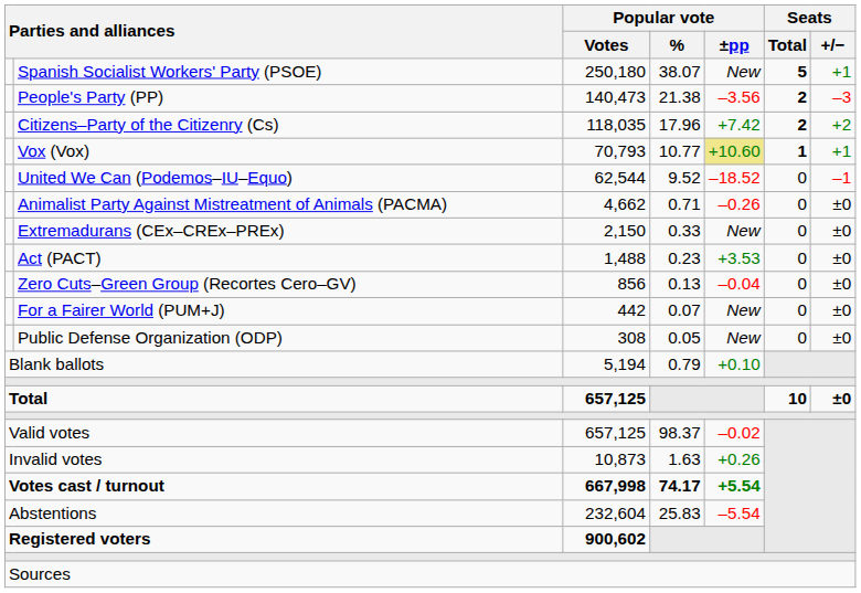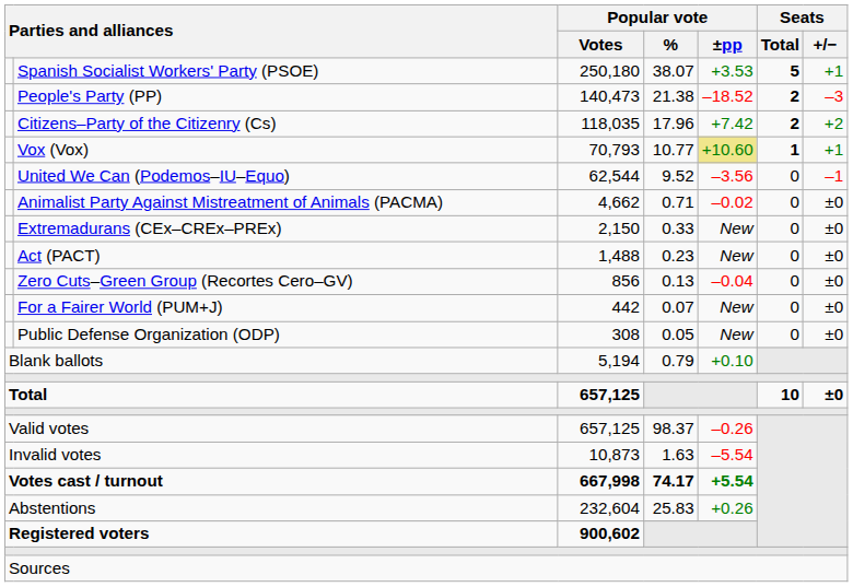 <table class="wikitable" style="text-align:right;">
 <tr>
 <th style="text-align:left;" rowspan="2" colspan="2" width="525">Parties and alliances</th>
 <th colspan="3">Popular vote</th>
 <th colspan="2">Seats</th>
 </tr>
 <tr>
 <th width="75">Votes</th>
 <th width="45">%</th>
 <th width="45">±<a href='#'>pp</a></th>
 <th width="35">Total</th>
 <th width="35">+/−</th>
 </tr>
 <tr>
 <td width="1" style="color:inherit;background:"></td>
 <td align="left"><a href='#'>Spanish Socialist Workers' Party</a> (PSOE)</td>
 <td>250,180</td>
 <td>38.07</td>
-<td><em>New</em></td>
+<td style="color:green;">+3.53</td>
 <td><strong>5</strong></td>
 <td style="color:green;">+1</td>
 </tr>
 <tr>
 <td style="color:inherit;background:"></td>
 <td align="left"><a href='#'>People's Party</a> (PP)</td>
 <td>140,473</td>
 <td>21.38</td>
-<td style="color:red;">–3.56</td>
+<td style="color:red;">–18.52</td>
 <td><strong>2</strong></td>
 <td style="color:red;">–3</td>
 </tr>
 <tr>
 <td style="color:inherit;background:"></td>
 <td align="left"><a href='#'>Citizens–Party of the Citizenry</a> (Cs)</td>
 <td>118,035</td>
 <td>17.96</td>
 <td style="color:green;">+7.42</td>
 <td><strong>2</strong></td>
 <td style="color:green;">+2</td>
 </tr>
 <tr>
 <td style="color:inherit;background:"></td>
 <td align="left"><a href='#'>Vox</a> (Vox)</td>
 <td>70,793</td>
 <td>10.77</td>
 <td style="background: khaki; color:green;">+10.60</td>
 <td><strong>1</strong></td>
 <td style="color:green;">+1</td>
 </tr>
 <tr>
 <td style="color:inherit;background:"></td>
 <td align="left"><a href='#'>United We Can</a> (<a href='#'>Podemos</a>–<a href='#'>IU</a>–<a href='#'>Equo</a>)</td>
 <td>62,544</td>
 <td>9.52</td>
-<td style="color:red;">–18.52</td>
+<td style="color:red;">–3.56</td>
 <td>0</td>
 <td style="color:red;">–1</td>
 </tr>
 <tr>
 <td style="color:inherit;background:"></td>
 <td align="left"><a href='#'>Animalist Party Against Mistreatment of Animals</a> (PACMA)</td>
 <td>4,662</td>
 <td>0.71</td>
-<td style="color:red;">–0.26</td>
+<td style="color:red;">–0.02</td>
 <td>0</td>
 <td>±0</td>
 </tr>
 <tr>
 <td style="color:inherit;background:"></td>
 <td align="left"><a href='#'>Extremadurans</a> (CEx–CREx–PREx)</td>
 <td>2,150</td>
 <td>0.33</td>
 <td><em>New</em></td>
 <td>0</td>
 <td>±0</td>
 </tr>
 <tr>
 <td style="color:inherit;background:"></td>
 <td align="left"><a href='#'>Act</a> (PACT)</td>
 <td>1,488</td>
 <td>0.23</td>
-<td style="color:green;">+3.53</td>
+<td><em>New</em></td>
 <td>0</td>
 <td>±0</td>
 </tr>
 <tr>
 <td style="color:inherit;background:"></td>
 <td align="left"><a href='#'>Zero Cuts</a>–<a href='#'>Green Group</a> (Recortes Cero–GV)</td>
 <td>856</td>
 <td>0.13</td>
 <td style="color:red;">–0.04</td>
 <td>0</td>
 <td>±0</td>
 </tr>
 <tr>
 <td style="color:inherit;background:"></td>
 <td align="left"><a href='#'>For a Fairer World</a> (PUM+J)</td>
 <td>442</td>
 <td>0.07</td>
 <td><em>New</em></td>
 <td>0</td>
 <td>±0</td>
 </tr>
 <tr>
 <td style="color:inherit;background:"></td>
 <td align="left">Public Defense Organization (ODP)</td>
 <td>308</td>
 <td>0.05</td>
 <td><em>New</em></td>
 <td>0</td>
 <td>±0</td>
 </tr>
 <tr>
 <td align="left" colspan="2">Blank ballots</td>
 <td>5,194</td>
 <td>0.79</td>
 <td style="color:green;">+0.10</td>
 <td bgcolor="#E9E9E9" colspan="2"></td>
 </tr>
 <tr>
 <td colspan="7" bgcolor="#E9E9E9"></td>
 </tr>
 <tr style="font-weight:bold;">
 <td align="left" colspan="2">Total</td>
 <td>657,125</td>
 <td bgcolor="#E9E9E9" colspan="2"></td>
 <td>10</td>
 <td>±0</td>
 </tr>
 <tr>
 <td colspan="7" bgcolor="#E9E9E9"></td>
 </tr>
 <tr>
 <td align="left" colspan="2">Valid votes</td>
 <td>657,125</td>
 <td>98.37</td>
-<td style="color:red;">–0.02</td>
+<td style="color:red;">–0.26</td>
 <td bgcolor="#E9E9E9" colspan="2" rowspan="5"></td>
 </tr>
 <tr>
 <td align="left" colspan="2">Invalid votes</td>
 <td>10,873</td>
 <td>1.63</td>
-<td style="color:green;">+0.26</td>
+<td style="color:red;">–5.54</td>
 </tr>
 <tr style="font-weight:bold;">
 <td align="left" colspan="2">Votes cast / turnout</td>
 <td>667,998</td>
 <td>74.17</td>
 <td style="color:green;">+5.54</td>
 </tr>
 <tr>
 <td align="left" colspan="2">Abstentions</td>
 <td>232,604</td>
 <td>25.83</td>
-<td style="color:red;">–5.54</td>
+<td style="color:green;">+0.26</td>
 </tr>
 <tr style="font-weight:bold;">
 <td align="left" colspan="2">Registered voters</td>
 <td>900,602</td>
 <td bgcolor="#E9E9E9" colspan="2"></td>
 </tr>
 <tr>
 <td colspan="7" bgcolor="#E9E9E9"></td>
 </tr>
 <tr>
 <td align="left" colspan="7">Sources</td>
 </tr>
 </table>
